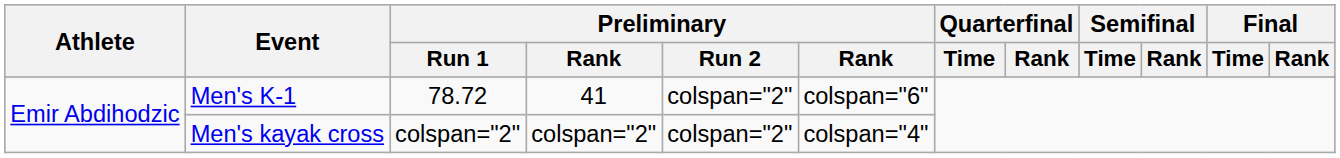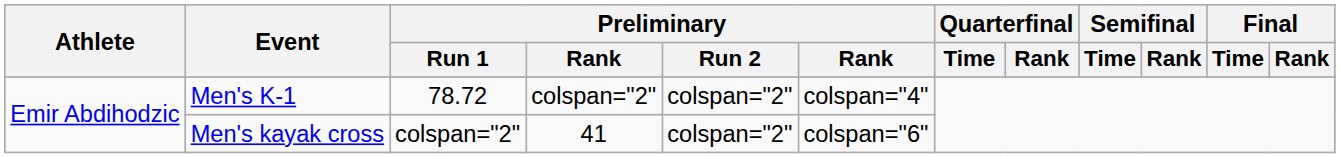 <table class="wikitable" style="font-size:90%; text-align:center">
 <tr>
 <th rowspan="2">Athlete</th>
 <th rowspan="2">Event</th>
 <th colspan="4">Preliminary</th>
 <th colspan="2">Quarterfinal</th>
 <th colspan="2">Semifinal</th>
 <th colspan="2">Final</th>
 </tr>
 <tr style="font-size:95%">
 <th>Run 1</th>
 <th>Rank</th>
 <th>Run 2</th>
 <th>Rank</th>
 <th>Time</th>
 <th>Rank</th>
 <th>Time</th>
 <th>Rank</th>
 <th>Time</th>
 <th>Rank</th>
 </tr>
 <tr>
 <td rowspan="2" align="left"><a href='#'>Emir Abdihodzic</a></td>
 <td align="left"><a href='#'>Men's K-1</a></td>
 <td>78.72</td>
+<td>colspan="2" </td>
+<td>colspan="2" </td>
+<td>colspan="4" </td>
+</tr>
+<tr>
+<td align="left"><a href='#'>Men's kayak cross</a></td>
+<td>colspan="2" </td>
 <td>41</td>
 <td>colspan="2" </td>
 <td>colspan="6" </td>
 </tr>
-<tr>
-<td align="left"><a href='#'>Men's kayak cross</a></td>
-<td>colspan="2" </td>
-<td>colspan="2" </td>
-<td>colspan="2" </td>
-<td>colspan="4" </td>
-</tr>
 </table>
